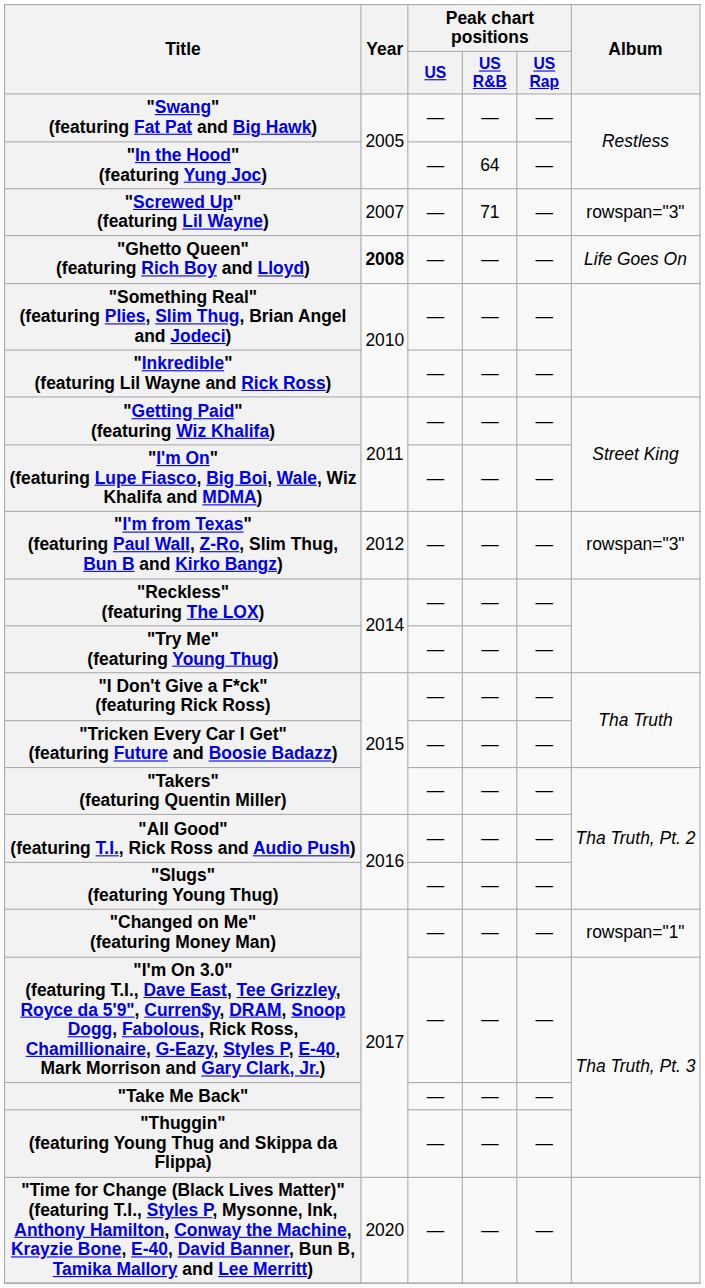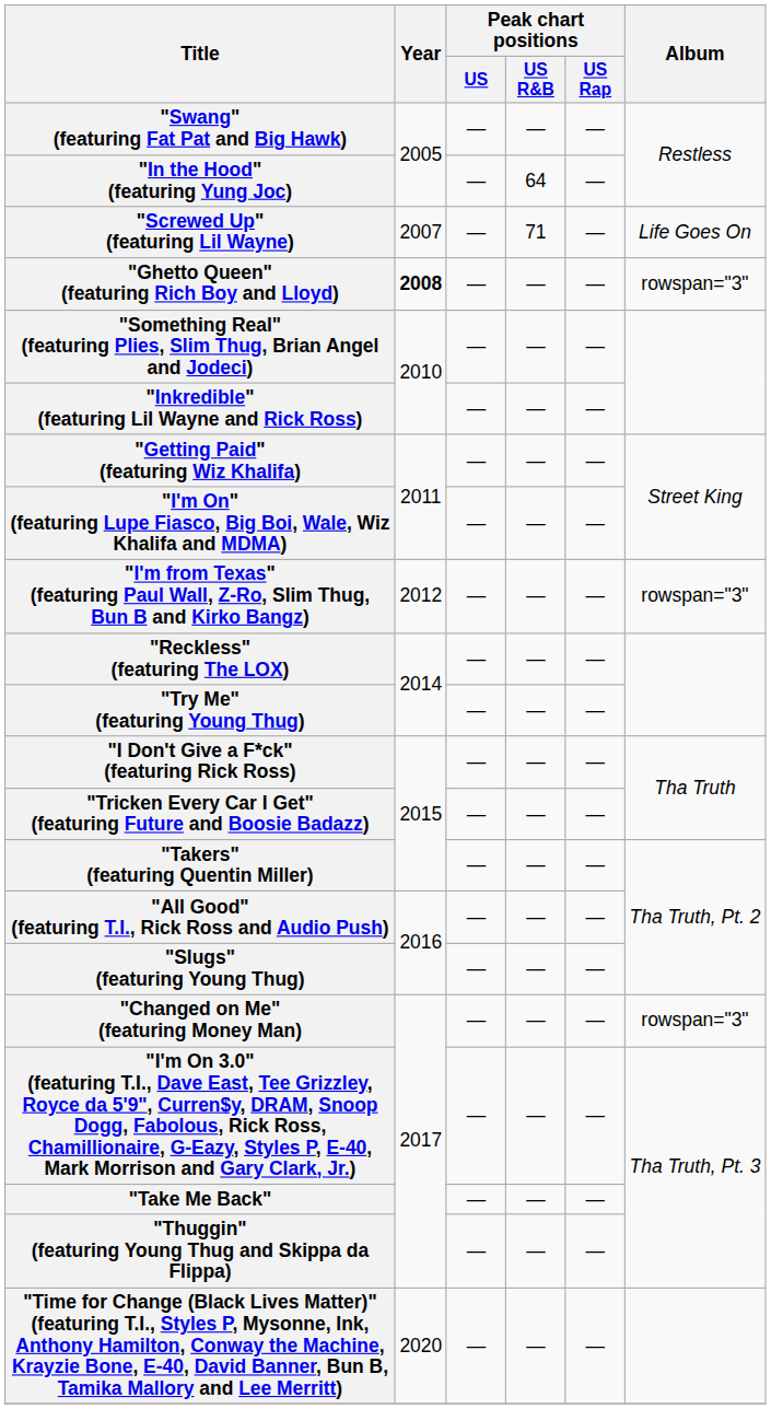 <table class="wikitable plainrowheaders" style="text-align:center;">
 <tr>
 <th scope="col" rowspan="2" style="width:20em;">Title</th>
 <th scope="col" rowspan="2">Year</th>
 <th scope="col" colspan="3">Peak chart positions</th>
 <th scope="col" rowspan="2">Album</th>
 </tr>
 <tr>
 <th scope="col" style="width:3em;font-size:90%;"><a href='#'>US</a></th>
 <th scope="col" style="width:3em;font-size:90%;"><a href='#'>US<br>R&B</a></th>
 <th scope="col" style="width:3em;font-size:90%;"><a href='#'>US<br>Rap</a></th>
 </tr>
 <tr>
 <th scope="row">"<a href='#'>Swang</a>"<br><span>(featuring <a href='#'>Fat Pat</a> and <a href='#'>Big Hawk</a>)</span></th>
 <td rowspan="2">2005</td>
 <td>—</td>
 <td>—</td>
 <td>—</td>
 <td rowspan="2"><em>Restless</em></td>
 </tr>
 <tr>
 <th scope="row">"<a href='#'>In the Hood</a>"<br><span>(featuring <a href='#'>Yung Joc</a>)</span></th>
 <td>—</td>
 <td>64</td>
 <td>—</td>
 </tr>
 <tr>
 <th scope="row">"<a href='#'>Screwed Up</a>"<br><span>(featuring <a href='#'>Lil Wayne</a>)</span></th>
 <td>2007</td>
 <td>—</td>
 <td>71</td>
 <td>—</td>
-<td>rowspan="3" </td>
+<td><em>Life Goes On</em></td>
 </tr>
 <tr>
 <th scope="row">"Ghetto Queen"<br><span>(featuring <a href='#'>Rich Boy</a> and <a href='#'>Lloyd</a>)</span></th>
 <td><strong>2008</strong></td>
 <td>—</td>
 <td>—</td>
 <td>—</td>
-<td><em>Life Goes On</em></td>
+<td>rowspan="3" </td>
 </tr>
 <tr>
 <th scope="row">"Something Real"<br><span>(featuring <a href='#'>Plies</a>, <a href='#'>Slim Thug</a>, Brian Angel and <a href='#'>Jodeci</a>)</span></th>
 <td rowspan="2">2010</td>
 <td>—</td>
 <td>—</td>
 <td>—</td>
 </tr>
 <tr>
 <th scope="row">"<a href='#'>Inkredible</a>"<br><span>(featuring Lil Wayne and <a href='#'>Rick Ross</a>)</span></th>
 <td>—</td>
 <td>—</td>
 <td>—</td>
 </tr>
 <tr>
 <th scope="row">"<a href='#'>Getting Paid</a>"<br><span>(featuring <a href='#'>Wiz Khalifa</a>)</span></th>
 <td rowspan="2">2011</td>
 <td>—</td>
 <td>—</td>
 <td>—</td>
 <td rowspan="2"><em>Street King</em></td>
 </tr>
 <tr>
 <th scope="row">"<a href='#'>I'm On</a>"<br><span>(featuring <a href='#'>Lupe Fiasco</a>, <a href='#'>Big Boi</a>, <a href='#'>Wale</a>, Wiz Khalifa and <a href='#'>MDMA</a>)</span></th>
 <td>—</td>
 <td>—</td>
 <td>—</td>
 </tr>
 <tr>
 <th scope="row">"<a href='#'>I'm from Texas</a>"<br><span>(featuring <a href='#'>Paul Wall</a>, <a href='#'>Z-Ro</a>, Slim Thug, <a href='#'>Bun B</a> and <a href='#'>Kirko Bangz</a>)</span></th>
 <td>2012</td>
 <td>—</td>
 <td>—</td>
 <td>—</td>
 <td>rowspan="3" </td>
 </tr>
 <tr>
 <th scope="row">"Reckless"<br><span>(featuring <a href='#'>The LOX</a>)</span></th>
 <td rowspan="2">2014</td>
 <td>—</td>
 <td>—</td>
 <td>—</td>
 </tr>
 <tr>
 <th scope="row">"Try Me"<br><span>(featuring <a href='#'>Young Thug</a>)</span></th>
 <td>—</td>
 <td>—</td>
 <td>—</td>
 </tr>
 <tr>
 <th scope="row">"I Don't Give a F*ck"<br><span>(featuring Rick Ross)</span></th>
 <td rowspan="3">2015</td>
 <td>—</td>
 <td>—</td>
 <td>—</td>
 <td rowspan="2"><em>Tha Truth</em></td>
 </tr>
 <tr>
 <th scope="row">"Tricken Every Car I Get"<br><span>(featuring <a href='#'>Future</a> and <a href='#'>Boosie Badazz</a>)</span></th>
 <td>—</td>
 <td>—</td>
 <td>—</td>
 </tr>
 <tr>
 <th scope="row">"Takers"<br><span>(featuring Quentin Miller)</span></th>
 <td>—</td>
 <td>—</td>
 <td>—</td>
 <td rowspan="3"><em>Tha Truth, Pt. 2</em></td>
 </tr>
 <tr>
 <th scope="row">"All Good"<br><span>(featuring <a href='#'>T.I.</a>, Rick Ross and <a href='#'>Audio Push</a>)</span></th>
 <td rowspan="2">2016</td>
 <td>—</td>
 <td>—</td>
 <td>—</td>
 </tr>
 <tr>
 <th scope="row">"Slugs"<br><span>(featuring Young Thug)</span></th>
 <td>—</td>
 <td>—</td>
 <td>—</td>
 </tr>
 <tr>
 <th scope="row">"Changed on Me"<br><span>(featuring Money Man)</span></th>
 <td rowspan="4">2017</td>
 <td>—</td>
 <td>—</td>
 <td>—</td>
-<td>rowspan="1" </td>
+<td>rowspan="3" </td>
 </tr>
 <tr>
 <th scope="row">"I'm On 3.0"<br><span>(featuring T.I., <a href='#'>Dave East</a>, <a href='#'>Tee Grizzley</a>, <a href='#'>Royce da 5'9"</a>, <a href='#'>Curren$y</a>, <a href='#'>DRAM</a>, <a href='#'>Snoop Dogg</a>, <a href='#'>Fabolous</a>, Rick Ross, <a href='#'>Chamillionaire</a>, <a href='#'>G-Eazy</a>, <a href='#'>Styles P</a>, <a href='#'>E-40</a>, Mark Morrison and <a href='#'>Gary Clark, Jr.</a>)</span></th>
 <td>—</td>
 <td>—</td>
 <td>—</td>
 <td rowspan="3"><em>Tha Truth, Pt. 3</em></td>
 </tr>
 <tr>
 <th scope="row">"Take Me Back"</th>
 <td>—</td>
 <td>—</td>
 <td>—</td>
 </tr>
 <tr>
 <th scope="row">"Thuggin"<br><span>(featuring Young Thug and Skippa da Flippa)</span></th>
 <td>—</td>
 <td>—</td>
 <td>—</td>
 </tr>
 <tr>
 <th scope="row">"Time for Change (Black Lives Matter)"<br><span>(featuring T.I., <a href='#'>Styles P</a>, Mysonne, Ink, <a href='#'>Anthony Hamilton</a>, <a href='#'>Conway the Machine</a>, <a href='#'>Krayzie Bone</a>, <a href='#'>E-40</a>, <a href='#'>David Banner</a>, Bun B, <a href='#'>Tamika Mallory</a> and <a href='#'>Lee Merritt</a>)</span></th>
 <td rowspan="1">2020</td>
 <td>—</td>
 <td>—</td>
 <td>—</td>
 <td></td>
 </tr>
 <tr>
 </tr>
 </table>
